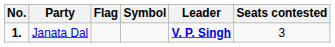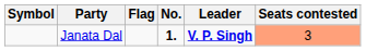 <table class="wikitable">
 <tr>
-<th>No.</th>
+<th>Symbol</th>
 <th>Party</th>
 <th><strong>Flag</strong></th>
-<th>Symbol</th>
+<th>No.</th>
 <th>Leader</th>
 <th>Seats contested</th>
 </tr>
 <tr>
-<td ! style="text-align:center; background:"><strong>1.</strong></td>
+<td></td>
 <td style="text-align:center"><a href='#'>Janata Dal</a></td>
 <td></td>
-<td></td>
+<td ! style="text-align:center; background:"><strong>1.</strong></td>
 <td style="text-align:center"><strong><a href='#'>V. P. Singh</a></strong></td>
-<td style="text-align:center">3</td>
+<td style="background: lightsalmon; text-align:center">3</td>
 </tr>
 </table>
